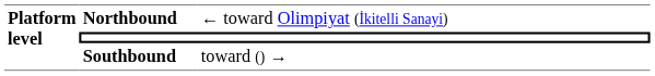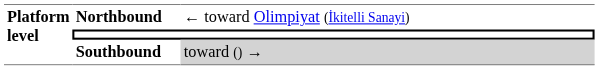 <table cellpadding="3" cellspacing="0" border="0">
 <tr>
 <td rowspan="3" width="50" style="border-top-color: gray; border-bottom-color: gray; border-top-width: 1px; border-bottom-width: 1px; border-top-style: solid; border-bottom-style: solid;" valign="top"><strong>Platform level</strong></td>
 <td width="100" style="border-top-color: gray; border-top-width: 1px; border-top-style: solid;"><strong>Northbound</strong></td>
 <td width="400" style="border-top-color: gray; border-top-width: 1px; border-top-style: solid;">←  toward <a href='#'>Olimpiyat</a> <small>(<a href='#'>İkitelli Sanayi</a>)</small></td>
 </tr>
 <tr>
 <td colspan="2" style="border: 2px solid black; border-image: none; text-align: center;"></td>
 </tr>
 <tr>
 <td style="border-bottom-color: gray; border-bottom-width: 1px; border-bottom-style: solid;"><strong>Southbound</strong></td>
-<td style="border-bottom-color: gray; border-bottom-width: 1px; border-bottom-style: solid;"> toward  <small>()</small> →</td>
+<td style="background: lightgrey; border-bottom-color: gray; border-bottom-width: 1px; border-bottom-style: solid;"> toward  <small>()</small> →</td>
 </tr>
 </table>
